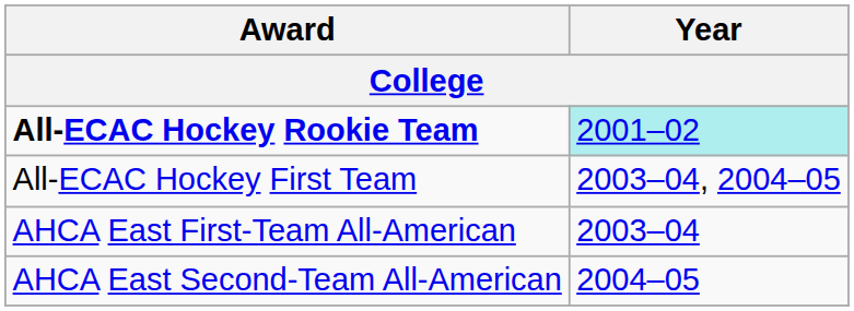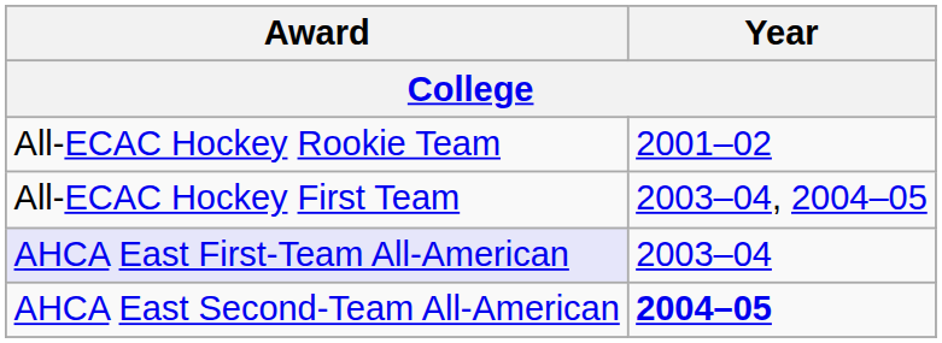 <table class="wikitable">
 <tr>
 <th>Award</th>
 <th>Year</th>
 </tr>
 <tr>
 <th colspan="3"><a href='#'>College</a></th>
 </tr>
 <tr>
-<td><strong>All-<a href='#'>ECAC Hockey</a> <a href='#'>Rookie Team</a></strong></td>
-<td style="background: paleturquoise;"><a href='#'>2001–02</a></td>
+<td>All-<a href='#'>ECAC Hockey</a> <a href='#'>Rookie Team</a></td>
+<td><a href='#'>2001–02</a></td>
 </tr>
 <tr>
 <td>All-<a href='#'>ECAC Hockey</a> <a href='#'>First Team</a></td>
 <td><a href='#'>2003–04</a>, <a href='#'>2004–05</a></td>
 </tr>
 <tr>
-<td><a href='#'>AHCA</a> <a href='#'>East First-Team All-American</a></td>
+<td style="background: lavender;"><a href='#'>AHCA</a> <a href='#'>East First-Team All-American</a></td>
 <td><a href='#'>2003–04</a></td>
 </tr>
 <tr>
 <td><a href='#'>AHCA</a> <a href='#'>East Second-Team All-American</a></td>
-<td><a href='#'>2004–05</a></td>
+<td><strong><a href='#'>2004–05</a></strong></td>
 </tr>
 </table>
